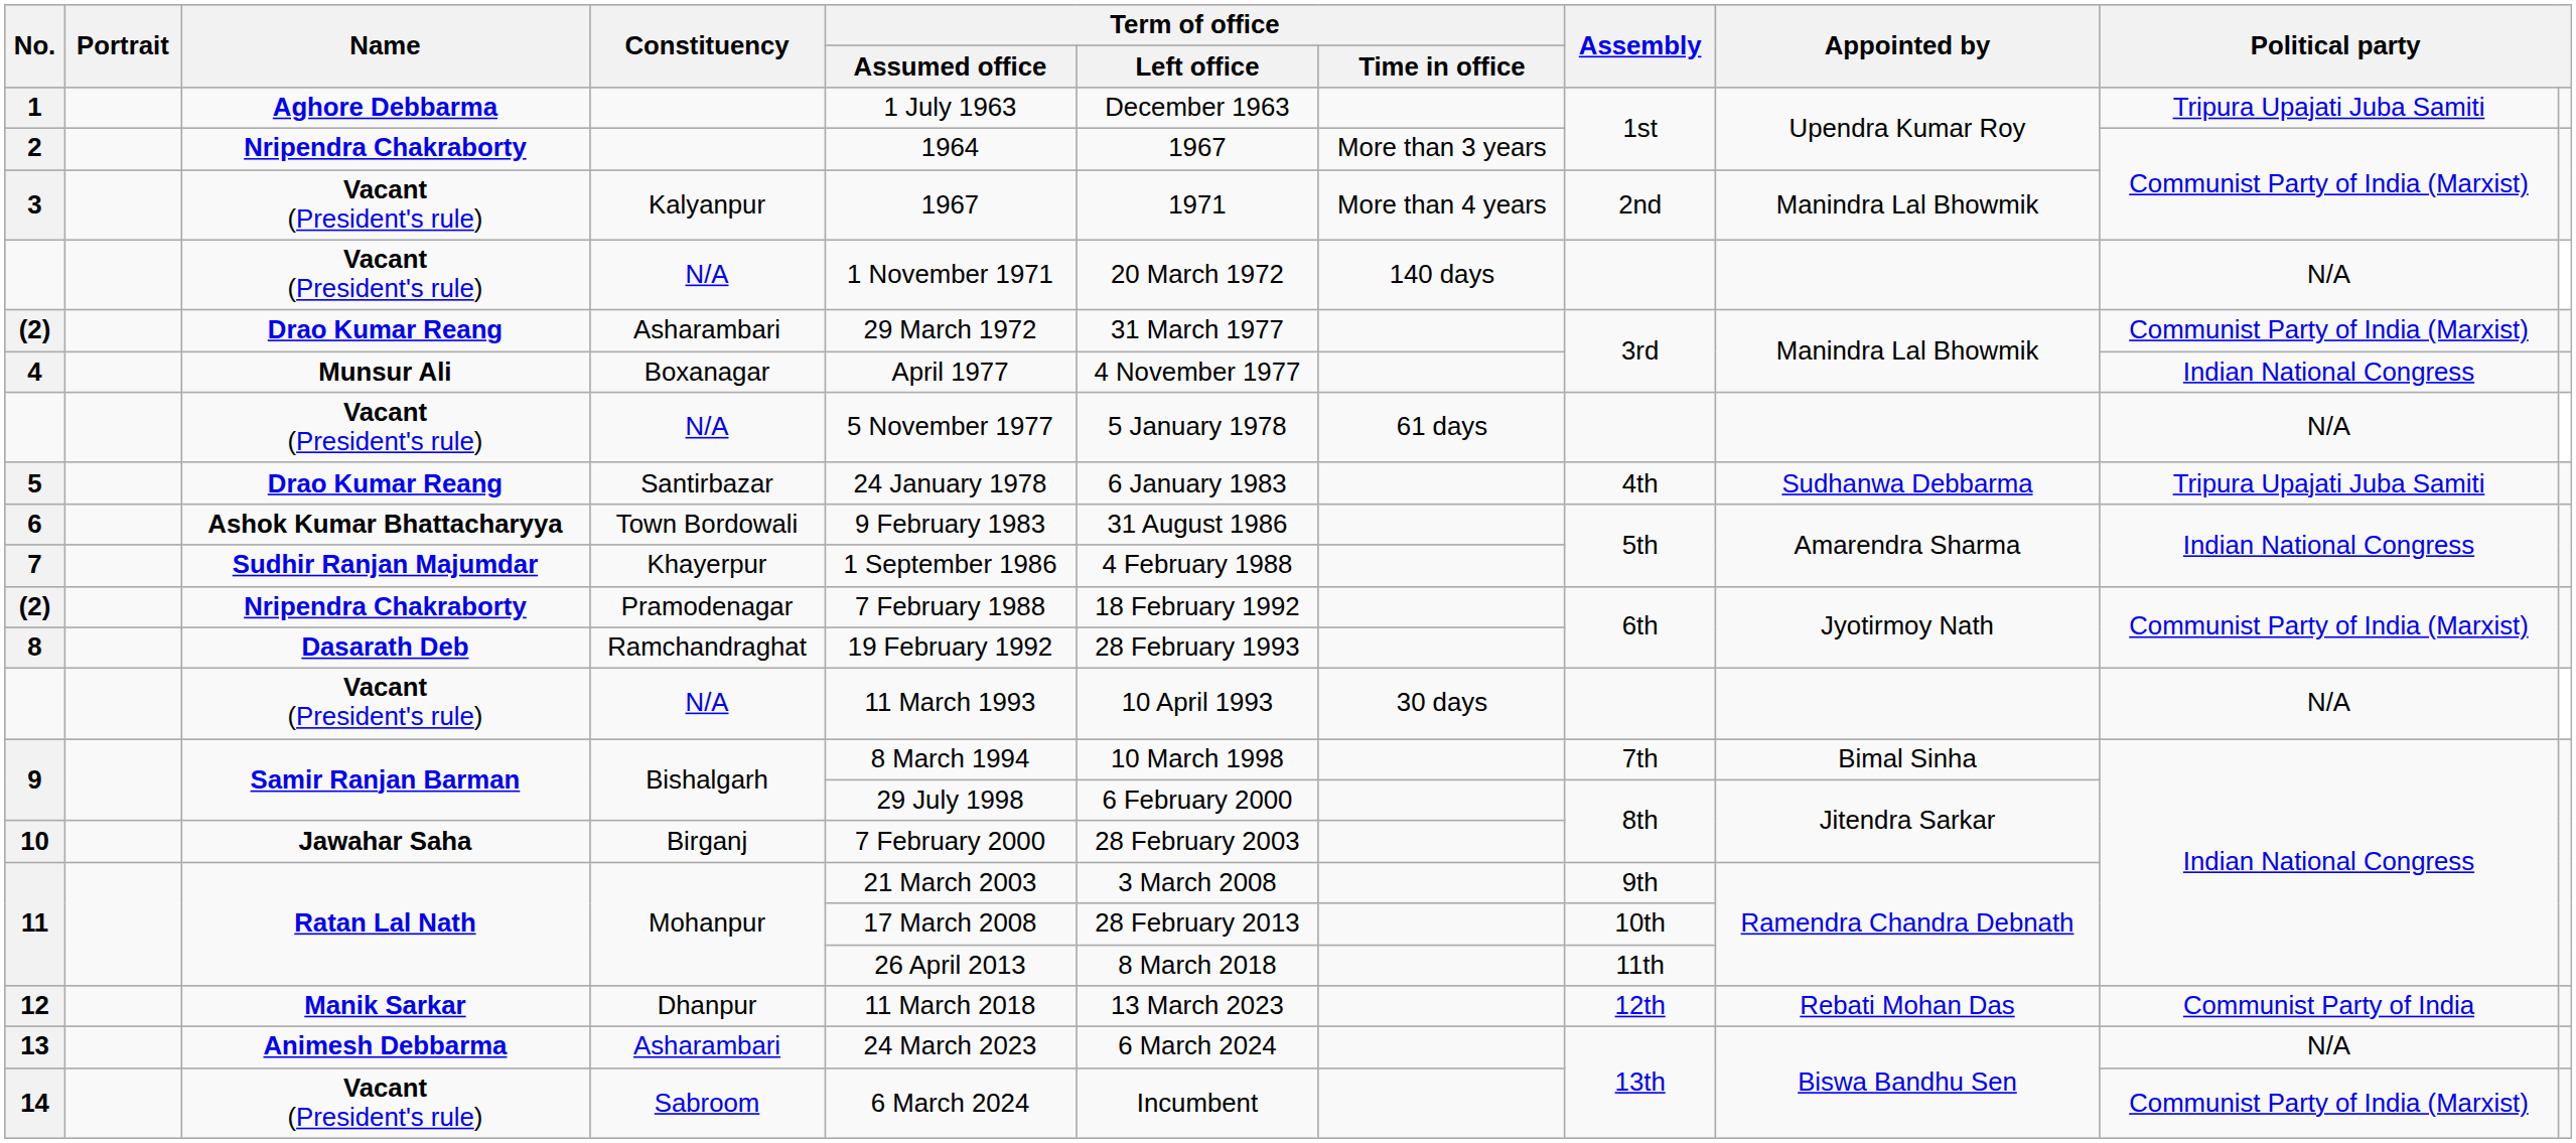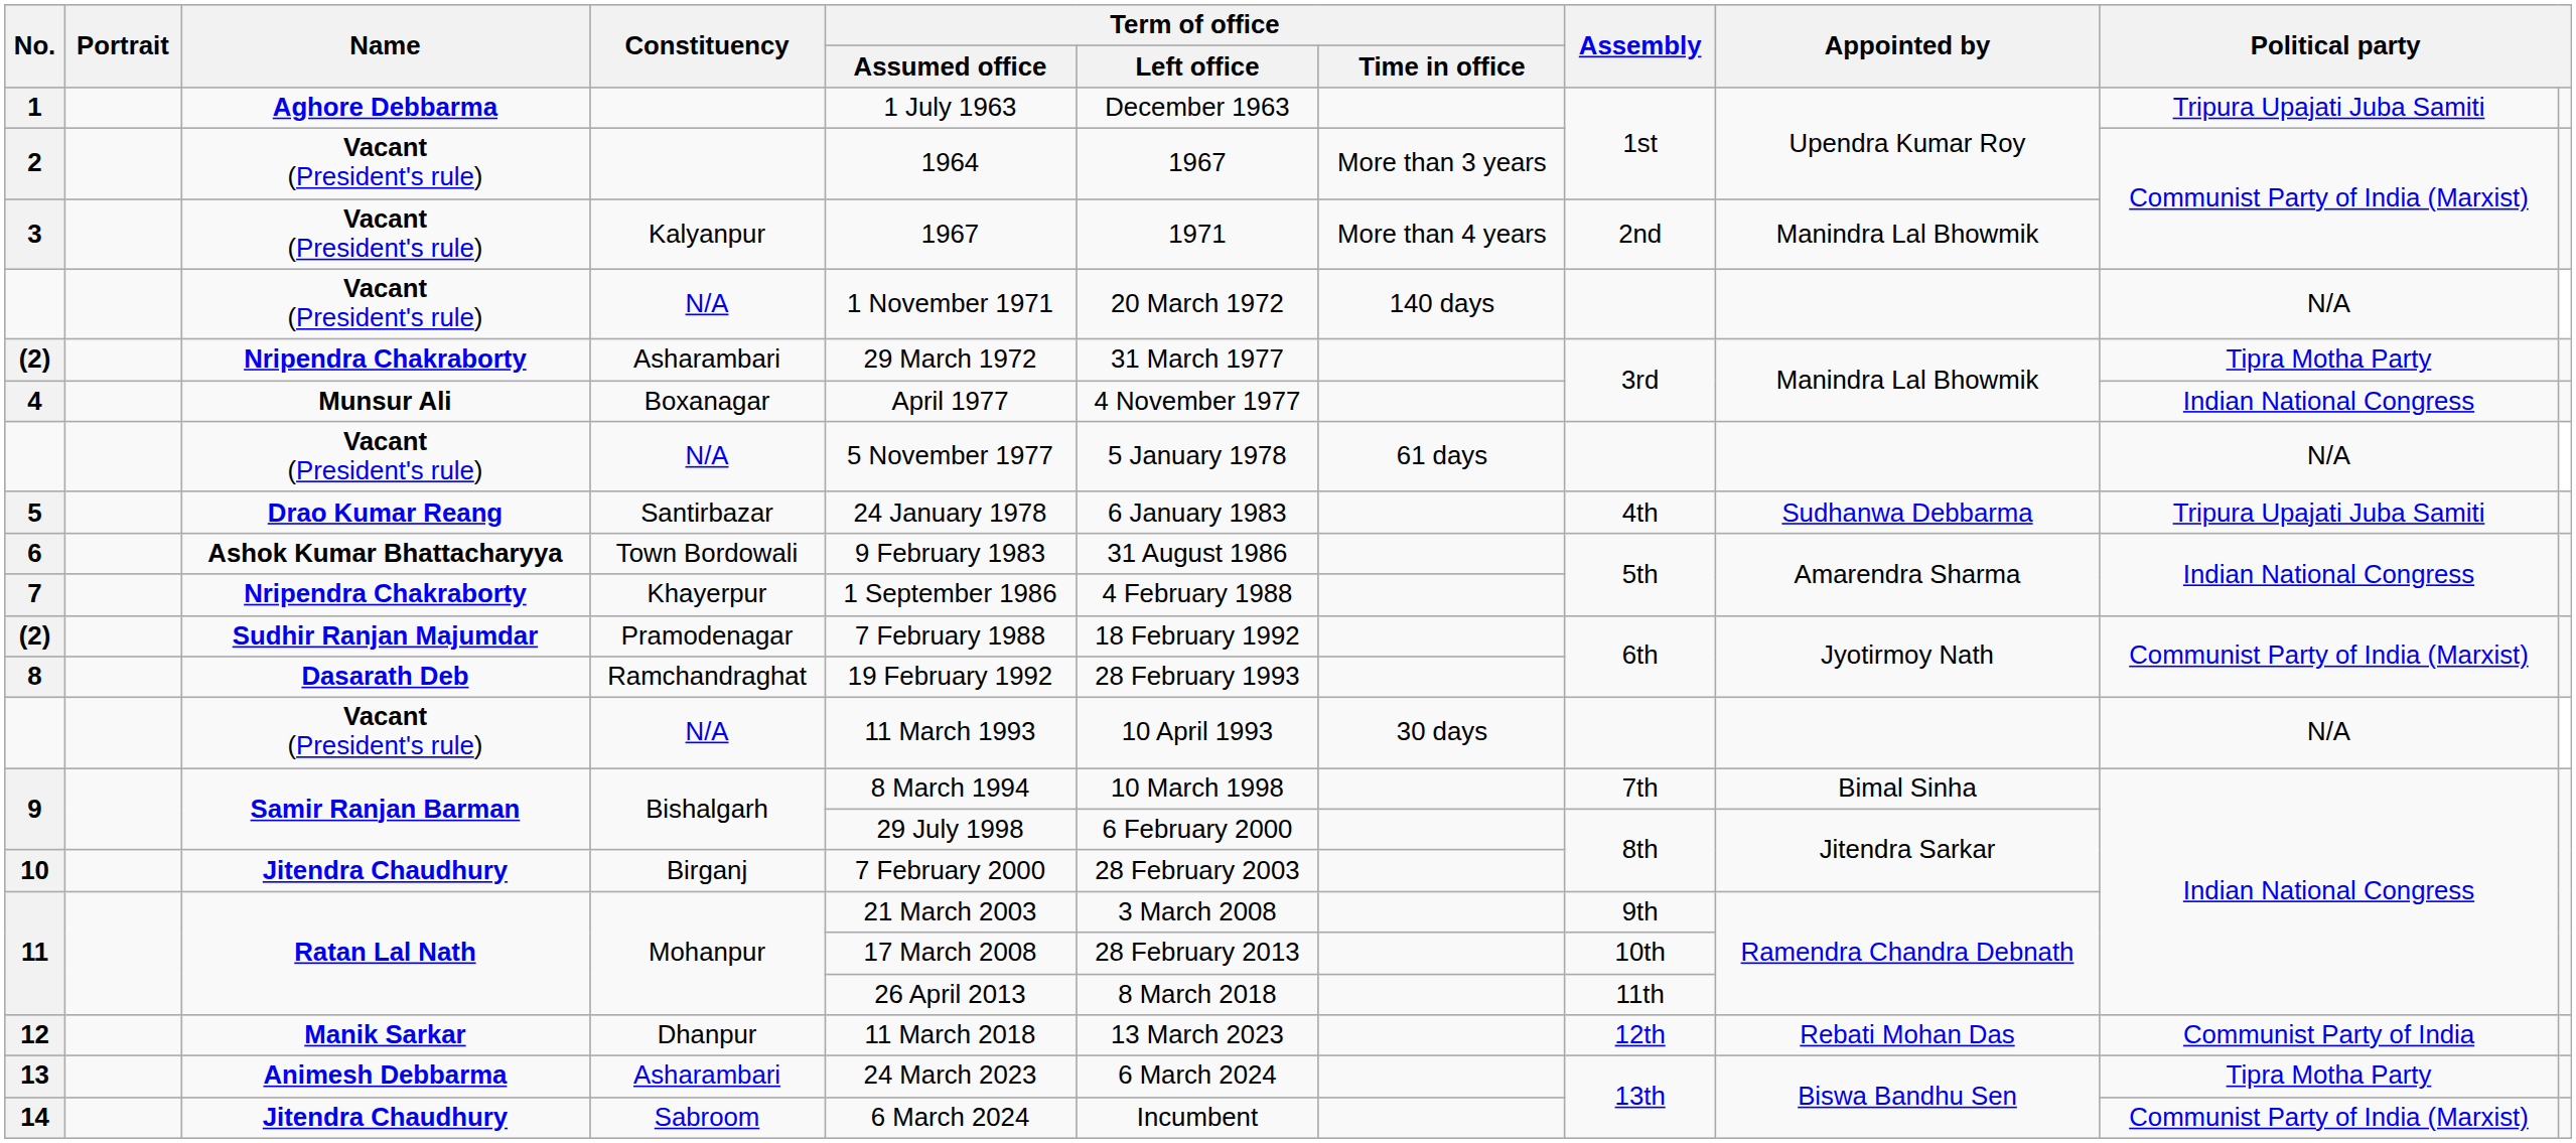 <table class="wikitable sortable" style="width:100%; text-align:center">
 <tr>
 <th rowspan="2">No.</th>
 <th rowspan="2">Portrait</th>
 <th rowspan="2">Name</th>
 <th rowspan="2">Constituency</th>
 <th colspan="3">Term of office</th>
 <th rowspan="2"><a href='#'>Assembly</a><br></th>
 <th rowspan="2">Appointed by</th>
 <th rowspan="2" colspan="2">Political party</th>
 </tr>
 <tr>
 <th>Assumed office</th>
 <th>Left office</th>
 <th>Time in office</th>
 </tr>
 <tr>
 <th>1</th>
 <td></td>
 <td><strong><a href='#'>Aghore Debbarma</a></strong></td>
 <td></td>
 <td>1 July 1963</td>
 <td>December 1963</td>
 <td></td>
 <td rowspan="2">1st</td>
 <td rowspan="2">Upendra Kumar Roy</td>
 <td><a href='#'>Tripura Upajati Juba Samiti</a></td>
 <td rowspan="1" style="background:"></td>
 </tr>
 <tr>
 <th>2</th>
 <td></td>
-<td><strong><a href='#'>Nripendra Chakraborty</a></strong></td>
+<td><strong>Vacant</strong> <br>(<a href='#'>President's rule</a>)</td>
 <td></td>
 <td>1964</td>
 <td>1967</td>
 <td>More than 3 years</td>
 <td rowspan="2"><a href='#'>Communist Party of India (Marxist)</a></td>
 <td rowspan="2" style="background:"></td>
 </tr>
 <tr>
 <th>3</th>
 <td></td>
 <td><strong>Vacant</strong> <br>(<a href='#'>President's rule</a>)</td>
 <td>Kalyanpur</td>
 <td>1967</td>
 <td>1971</td>
 <td>More than 4 years</td>
 <td>2nd<br></td>
 <td>Manindra Lal Bhowmik</td>
 </tr>
 <tr>
 <td></td>
 <td></td>
 <td><strong>Vacant</strong> <br>(<a href='#'>President's rule</a>)</td>
 <td><a href='#'>N/A</a></td>
 <td>1 November 1971</td>
 <td>20 March 1972</td>
 <td>140 days</td>
 <td></td>
 <td></td>
 <td>N/A</td>
 <td style="background: white ;"></td>
 </tr>
 <tr>
 <th>(2)</th>
 <td></td>
-<td><strong><a href='#'>Drao Kumar Reang</a></strong></td>
+<td><strong><a href='#'>Nripendra Chakraborty</a></strong></td>
 <td>Asharambari</td>
 <td>29 March 1972</td>
 <td>31 March 1977</td>
 <td></td>
 <td rowspan="2">3rd <br></td>
 <td rowspan=2>Manindra Lal Bhowmik</td>
-<td><a href='#'>Communist Party of India (Marxist)</a></td>
+<td><a href='#'>Tipra Motha Party</a></td>
 <td style="background:"></td>
 </tr>
 <tr>
 <th>4</th>
 <td></td>
 <td><strong>Munsur Ali</strong></td>
 <td>Boxanagar</td>
 <td>April 1977</td>
 <td>4 November 1977</td>
 <td></td>
 <td><a href='#'>Indian National Congress</a></td>
 <td style="background:"></td>
 </tr>
 <tr>
 <td></td>
 <td></td>
 <td><strong>Vacant</strong> <br>(<a href='#'>President's rule</a>)</td>
 <td><a href='#'>N/A</a></td>
 <td>5 November 1977</td>
 <td>5 January 1978</td>
 <td>61 days</td>
 <td></td>
 <td></td>
 <td>N/A</td>
 <td style="background: white ;"></td>
 </tr>
 <tr>
 <th>5</th>
 <td></td>
 <td><strong><a href='#'>Drao Kumar Reang</a></strong></td>
 <td>Santirbazar</td>
 <td>24 January 1978</td>
 <td>6 January 1983</td>
 <td></td>
 <td>4th<br></td>
 <td><a href='#'>Sudhanwa Debbarma</a></td>
 <td><a href='#'>Tripura Upajati Juba Samiti</a></td>
 <td style="background:"></td>
 </tr>
 <tr>
 <th>6</th>
 <td></td>
 <td><strong>Ashok Kumar Bhattacharyya</strong></td>
 <td>Town Bordowali</td>
 <td>9 February 1983</td>
 <td>31 August 1986</td>
 <td></td>
 <td rowspan=2>5th<br></td>
 <td rowspan=2>Amarendra Sharma</td>
 <td rowspan="2"><a href='#'>Indian National Congress</a></td>
 <td rowspan="2" style="background:"></td>
 </tr>
 <tr>
 <th>7</th>
 <td></td>
-<td><strong><a href='#'>Sudhir Ranjan Majumdar</a></strong></td>
+<td><strong><a href='#'>Nripendra Chakraborty</a></strong></td>
 <td>Khayerpur</td>
 <td>1 September 1986</td>
 <td>4 February 1988</td>
 <td></td>
 </tr>
 <tr>
 <th>(2)</th>
 <td></td>
-<td><strong><a href='#'>Nripendra Chakraborty</a></strong></td>
+<td><strong><a href='#'>Sudhir Ranjan Majumdar</a></strong></td>
 <td>Pramodenagar</td>
 <td>7 February 1988</td>
 <td>18 February 1992</td>
 <td></td>
 <td rowspan="2">6th <br></td>
 <td rowspan=2>Jyotirmoy Nath</td>
 <td rowspan=2><a href='#'>Communist Party of India (Marxist)</a></td>
 <td rowspan=2 style="background:"></td>
 </tr>
 <tr>
 <th>8</th>
 <td></td>
 <td><strong><a href='#'>Dasarath Deb</a></strong></td>
 <td>Ramchandraghat</td>
 <td>19 February 1992</td>
 <td>28 February 1993</td>
 <td></td>
 </tr>
 <tr>
 <td></td>
 <td></td>
 <td><strong>Vacant</strong> <br>(<a href='#'>President's rule</a>)</td>
 <td><a href='#'>N/A</a></td>
 <td>11 March 1993</td>
 <td>10 April 1993</td>
 <td>30 days</td>
 <td></td>
 <td></td>
 <td>N/A</td>
 <td style="background: white ;"></td>
 </tr>
 <tr>
 <th rowspan=2>9</th>
 <td rowspan=2></td>
 <td rowspan=2><strong><a href='#'>Samir Ranjan Barman</a></strong></td>
 <td rowspan=2>Bishalgarh</td>
 <td>8 March 1994</td>
 <td>10 March 1998</td>
 <td></td>
 <td>7th <br></td>
 <td>Bimal Sinha</td>
 <td rowspan="6"><a href='#'>Indian National Congress</a></td>
 <td rowspan="6" style="background:"></td>
 </tr>
 <tr>
 <td>29 July 1998</td>
 <td>6 February 2000</td>
 <td></td>
 <td rowspan=2>8th <br></td>
 <td rowspan=2>Jitendra Sarkar</td>
 </tr>
 <tr>
 <th>10</th>
 <td></td>
-<td><strong>Jawahar Saha</strong></td>
+<td><strong><a href='#'>Jitendra Chaudhury</a></strong></td>
 <td>Birganj</td>
 <td>7 February 2000</td>
 <td>28 February 2003</td>
 <td></td>
 </tr>
 <tr>
 <th rowspan=3>11</th>
 <td rowspan=3></td>
 <td rowspan=3><strong><a href='#'>Ratan Lal Nath</a></strong></td>
 <td rowspan=3>Mohanpur</td>
 <td>21 March 2003</td>
 <td>3 March 2008</td>
 <td></td>
 <td>9th<br></td>
 <td rowspan=3><a href='#'>Ramendra Chandra Debnath</a></td>
 </tr>
 <tr>
 <td>17 March 2008</td>
 <td>28 February 2013</td>
 <td></td>
 <td>10th <br></td>
 </tr>
 <tr>
 <td>26 April 2013</td>
 <td>8 March 2018</td>
 <td></td>
 <td>11th <br></td>
 </tr>
 <tr>
 <th>12</th>
 <td></td>
 <td><strong><a href='#'>Manik Sarkar</a></strong></td>
 <td>Dhanpur</td>
 <td>11 March 2018</td>
 <td>13 March 2023</td>
 <td></td>
 <td><a href='#'>12th</a><br></td>
 <td><a href='#'>Rebati Mohan Das</a></td>
 <td rowspan="1"><a href='#'>Communist Party of India</a></td>
 <td style="background:"></td>
 </tr>
 <tr>
 <th>13</th>
 <td></td>
 <td><strong><a href='#'>Animesh Debbarma</a></strong></td>
 <td><a href='#'>Asharambari</a></td>
 <td>24 March 2023</td>
 <td>6 March 2024</td>
 <td></td>
 <td rowspan="2"><a href='#'>13th</a><br></td>
 <td rowspan="2"><a href='#'>Biswa Bandhu Sen</a></td>
-<td>N/A</td>
+<td><a href='#'>Tipra Motha Party</a></td>
 <td style="background:"></td>
 </tr>
 <tr>
 <th>14</th>
 <td></td>
-<td><strong>Vacant</strong> <br>(<a href='#'>President's rule</a>)</td>
+<td><strong><a href='#'>Jitendra Chaudhury</a></strong></td>
 <td><a href='#'>Sabroom</a></td>
 <td>6 March 2024</td>
 <td>Incumbent</td>
 <td></td>
 <td><a href='#'>Communist Party of India (Marxist)</a></td>
 <td style="background:"></td>
 </tr>
 </table>
